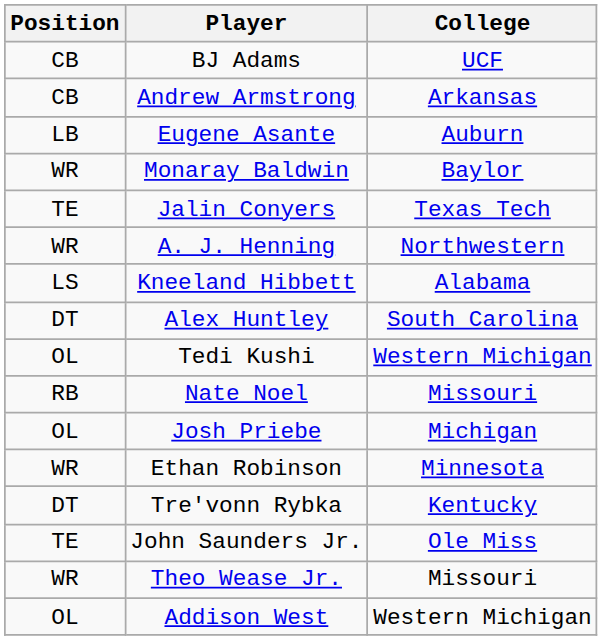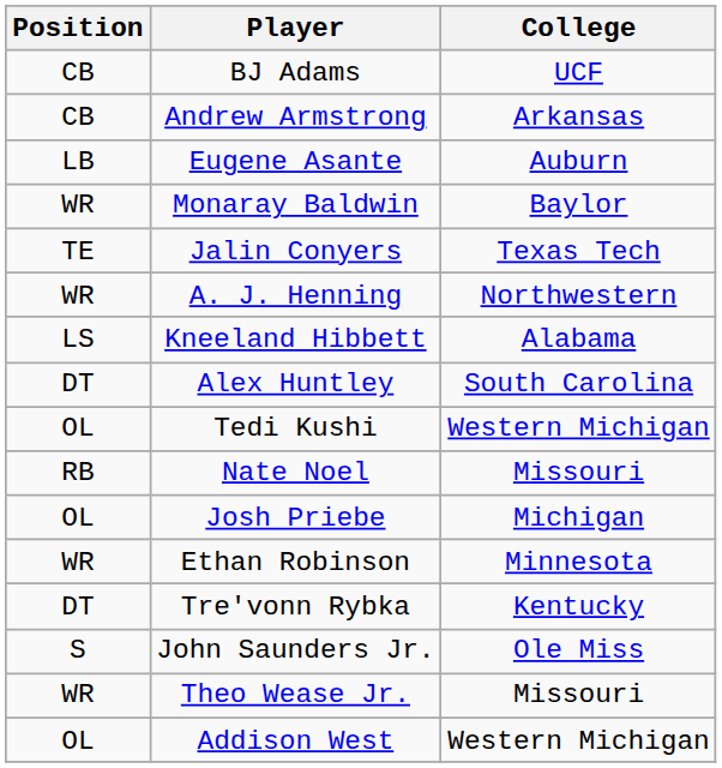 <table class="wikitable" style="text-align:center">
 <tr>
 <th>Position</th>
 <th>Player</th>
 <th>College</th>
 </tr>
 <tr>
 <td>CB</td>
 <td scope="row">BJ Adams</td>
 <td><a href='#'>UCF</a></td>
 </tr>
 <tr>
 <td>CB</td>
 <td scope="row"><a href='#'>Andrew Armstrong</a></td>
 <td><a href='#'>Arkansas</a></td>
 </tr>
 <tr>
 <td>LB</td>
 <td scope="row"><a href='#'>Eugene Asante</a></td>
 <td><a href='#'>Auburn</a></td>
 </tr>
 <tr>
 <td>WR</td>
 <td scope="row"><a href='#'>Monaray Baldwin</a></td>
 <td><a href='#'>Baylor</a></td>
 </tr>
 <tr>
 <td>TE</td>
 <td scope="row"><a href='#'>Jalin Conyers</a></td>
 <td><a href='#'>Texas Tech</a></td>
 </tr>
 <tr>
 <td>WR</td>
 <td scope="row"><a href='#'>A. J. Henning</a></td>
 <td><a href='#'>Northwestern</a></td>
 </tr>
 <tr>
 <td>LS</td>
 <td scope="row"><a href='#'>Kneeland Hibbett</a></td>
 <td><a href='#'>Alabama</a></td>
 </tr>
 <tr>
 <td>DT</td>
 <td scope="row"><a href='#'>Alex Huntley</a></td>
 <td><a href='#'>South Carolina</a></td>
 </tr>
 <tr>
 <td>OL</td>
 <td scope="row">Tedi Kushi</td>
 <td><a href='#'>Western Michigan</a></td>
 </tr>
 <tr>
 <td>RB</td>
 <td scope="row"><a href='#'>Nate Noel</a></td>
 <td><a href='#'>Missouri</a></td>
 </tr>
 <tr>
 <td>OL</td>
 <td scope="row"><a href='#'>Josh Priebe</a></td>
 <td><a href='#'>Michigan</a></td>
 </tr>
 <tr>
 <td>WR</td>
 <td scope="row">Ethan Robinson</td>
 <td><a href='#'>Minnesota</a></td>
 </tr>
 <tr>
 <td>DT</td>
 <td scope="row">Tre'vonn Rybka</td>
 <td><a href='#'>Kentucky</a></td>
 </tr>
 <tr>
-<td>TE</td>
+<td>S</td>
 <td scope="row">John Saunders Jr.</td>
 <td><a href='#'>Ole Miss</a></td>
 </tr>
 <tr>
 <td>WR</td>
 <td scope="row"><a href='#'>Theo Wease Jr.</a></td>
 <td>Missouri</td>
 </tr>
 <tr>
 <td>OL</td>
 <td scope="row"><a href='#'>Addison West</a></td>
 <td>Western Michigan</td>
 </tr>
 </table>
